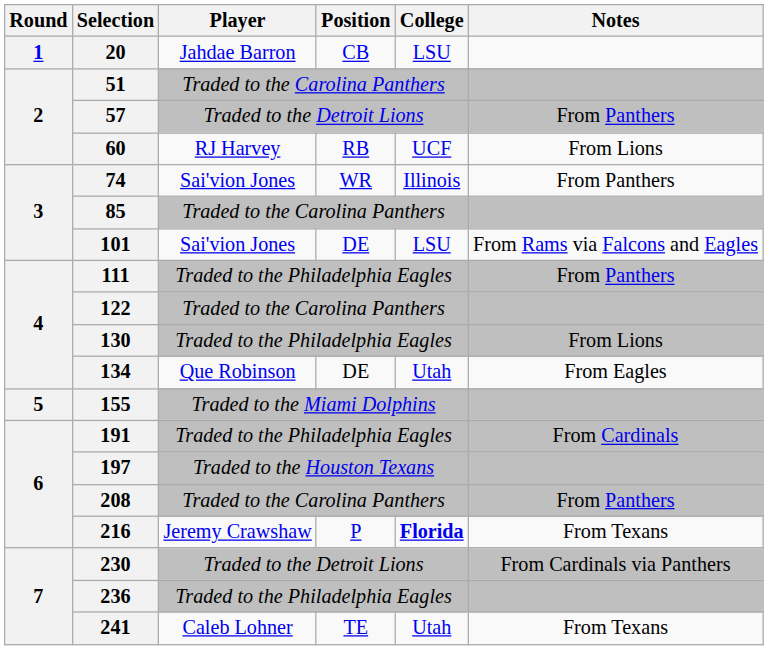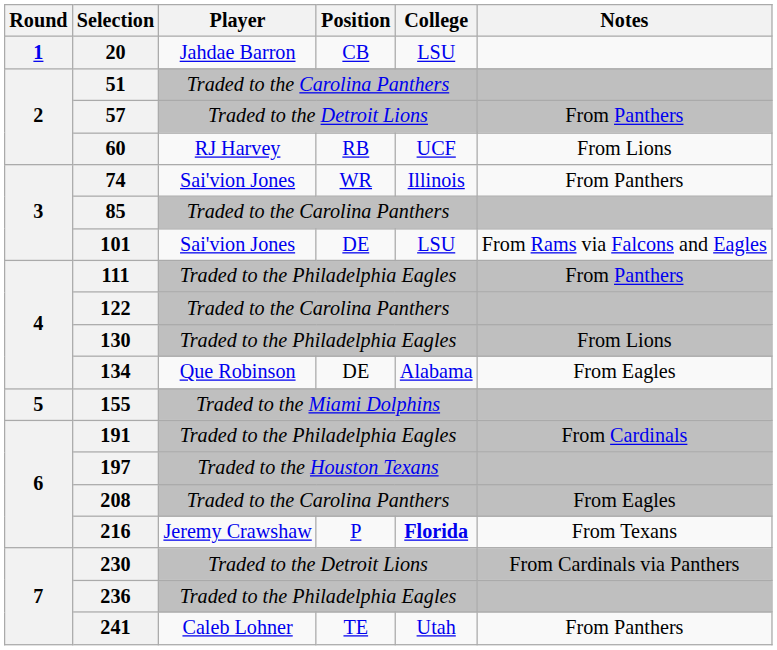 <table class="wikitable" style="text-align:center">
 <tr>
 <th>Round</th>
 <th>Selection</th>
 <th>Player</th>
 <th>Position</th>
 <th>College</th>
 <th>Notes</th>
 </tr>
 <tr>
 <th><a href='#'>1</a></th>
 <th>20</th>
 <td><a href='#'>Jahdae Barron</a></td>
 <td><a href='#'>CB</a></td>
 <td><a href='#'>LSU</a></td>
 <td></td>
 </tr>
 <tr>
 <th rowspan="3">2</th>
 <th>51</th>
 <td colspan="3" style="background:#BFBFBF"><em>Traded to the <a href='#'>Carolina Panthers</a></em></td>
 <td style="background:#BFBFBF"></td>
 </tr>
 <tr>
 <th>57</th>
 <td colspan="3" style="background:#BFBFBF"><em>Traded to the <a href='#'>Detroit Lions</a></em></td>
 <td style="background:#BFBFBF">From <a href='#'>Panthers</a></td>
 </tr>
 <tr>
 <th>60</th>
 <td><a href='#'>RJ Harvey</a></td>
 <td><a href='#'>RB</a></td>
 <td><a href='#'>UCF</a></td>
 <td>From Lions</td>
 </tr>
 <tr>
 <th rowspan="3">3</th>
 <th>74</th>
 <td><a href='#'>Sai'vion Jones</a></td>
 <td><a href='#'>WR</a></td>
 <td><a href='#'>Illinois</a></td>
 <td>From Panthers</td>
 </tr>
 <tr>
 <th>85</th>
 <td colspan="3" style="background:#BFBFBF"><em>Traded to the Carolina Panthers</em></td>
 <td style="background:#BFBFBF"></td>
 </tr>
 <tr>
 <th>101</th>
 <td><a href='#'>Sai'vion Jones</a></td>
 <td><a href='#'>DE</a></td>
 <td><a href='#'>LSU</a></td>
 <td>From <a href='#'>Rams</a> via <a href='#'>Falcons</a> and <a href='#'>Eagles</a></td>
 </tr>
 <tr>
 <th rowspan="4">4</th>
 <th>111</th>
 <td colspan="3" style="background:#BFBFBF"><em>Traded to the Philadelphia Eagles</em></td>
 <td style="background:#BFBFBF">From <a href='#'>Panthers</a></td>
 </tr>
 <tr>
 <th>122</th>
 <td colspan="3" style="background:#BFBFBF"><em>Traded to the Carolina Panthers</em></td>
 <td style="background:#BFBFBF"></td>
 </tr>
 <tr>
 <th>130</th>
 <td colspan="3" style="background:#BFBFBF"><em>Traded to the Philadelphia Eagles</em></td>
 <td style="background:#BFBFBF">From Lions</td>
 </tr>
 <tr>
 <th>134</th>
 <td><a href='#'>Que Robinson</a></td>
 <td>DE</td>
-<td><a href='#'>Utah</a></td>
+<td><a href='#'>Alabama</a></td>
 <td>From Eagles</td>
 </tr>
 <tr>
 <th>5</th>
 <th>155</th>
 <td colspan=3 style="background:#BFBFBF"><em>Traded to the <a href='#'>Miami Dolphins</a></em></td>
 <td style="background:#BFBFBF"></td>
 </tr>
 <tr>
 <th rowspan="4">6</th>
 <th>191</th>
 <td colspan="3" style="background:#BFBFBF"><em>Traded to the Philadelphia Eagles</em></td>
 <td style="background:#BFBFBF">From <a href='#'>Cardinals</a></td>
 </tr>
 <tr>
 <th>197</th>
 <td colspan="3" style="background:#BFBFBF"><em>Traded to the <a href='#'>Houston Texans</a></em></td>
 <td style="background:#BFBFBF"></td>
 </tr>
 <tr>
 <th>208</th>
 <td colspan="3" style="background:#BFBFBF"><em>Traded to the Carolina Panthers</em></td>
-<td style="background:#BFBFBF">From <a href='#'>Panthers</a></td>
+<td style="background:#BFBFBF">From Eagles</td>
 </tr>
 <tr>
 <th>216</th>
 <td><a href='#'>Jeremy Crawshaw</a></td>
 <td><a href='#'>P</a></td>
 <td><strong><a href='#'>Florida</a></strong></td>
 <td>From Texans</td>
 </tr>
 <tr>
 <th rowspan="3">7</th>
 <th>230</th>
 <td colspan="3" style="background:#BFBFBF"><em>Traded to the Detroit Lions</em></td>
 <td style="background:#BFBFBF">From Cardinals via Panthers</td>
 </tr>
 <tr>
 <th>236</th>
 <td colspan=3 style="background:#BFBFBF"><em>Traded to the Philadelphia Eagles</em></td>
 <td style="background:#BFBFBF"></td>
 </tr>
 <tr>
 <th>241</th>
 <td><a href='#'>Caleb Lohner</a></td>
 <td><a href='#'>TE</a></td>
 <td><a href='#'>Utah</a></td>
-<td>From Texans</td>
+<td>From Panthers</td>
 </tr>
 </table>
